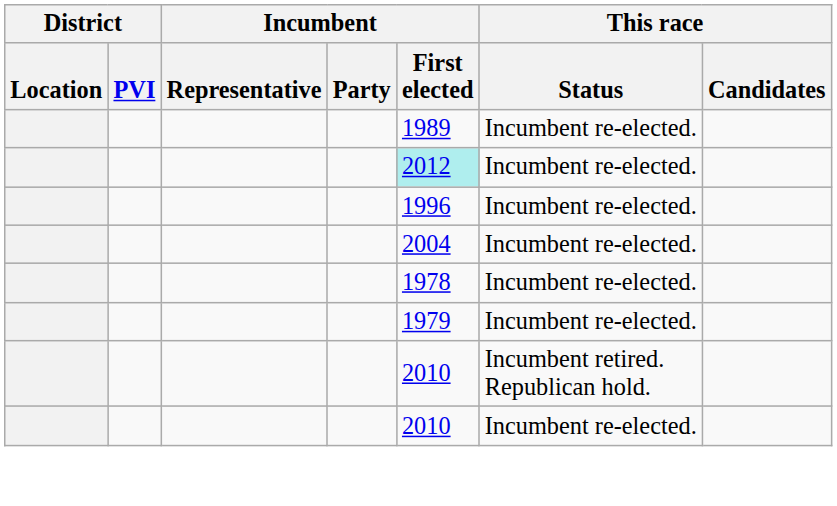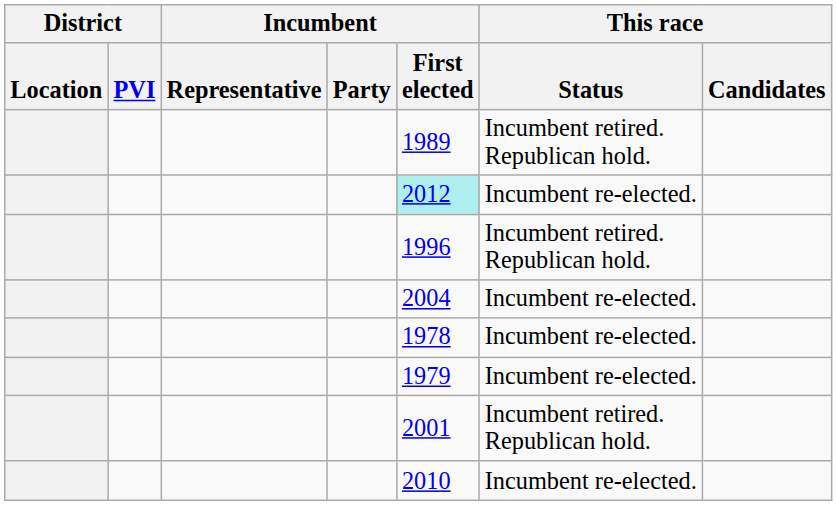 <table class="wikitable sortable">
 <tr valign=bottom>
 <th colspan=2>District</th>
 <th colspan=3>Incumbent</th>
 <th colspan=2>This race</th>
 </tr>
 <tr valign=bottom>
 <th>Location</th>
 <th><a href='#'>PVI</a></th>
 <th>Representative</th>
 <th>Party</th>
 <th>First<br>elected</th>
 <th>Status</th>
 <th>Candidates</th>
 </tr>
 <tr>
 <th></th>
 <td></td>
 <td></td>
 <td></td>
 <td><a href='#'>1989</a></td>
-<td>Incumbent re-elected.</td>
+<td>Incumbent retired.<br>Republican hold.</td>
 <td nowrap></td>
 </tr>
 <tr>
 <th></th>
 <td></td>
 <td></td>
 <td></td>
 <td style="background: paleturquoise;"><a href='#'>2012</a></td>
 <td>Incumbent re-elected.</td>
 <td nowrap></td>
 </tr>
 <tr>
 <th></th>
 <td></td>
 <td></td>
 <td></td>
 <td><a href='#'>1996</a></td>
-<td>Incumbent re-elected.</td>
+<td>Incumbent retired.<br>Republican hold.</td>
 <td nowrap></td>
 </tr>
 <tr>
 <th></th>
 <td></td>
 <td></td>
 <td></td>
 <td><a href='#'>2004</a></td>
 <td>Incumbent re-elected.</td>
 <td nowrap></td>
 </tr>
 <tr>
 <th></th>
 <td></td>
 <td></td>
 <td></td>
 <td><a href='#'>1978</a></td>
 <td>Incumbent re-elected.</td>
 <td nowrap></td>
 </tr>
 <tr>
 <th></th>
 <td></td>
 <td></td>
 <td></td>
 <td><a href='#'>1979 </a></td>
 <td>Incumbent re-elected.</td>
 <td nowrap></td>
 </tr>
 <tr>
 <th></th>
 <td></td>
 <td></td>
 <td></td>
-<td><a href='#'>2010</a></td>
+<td><a href='#'>2001</a></td>
 <td>Incumbent retired.<br>Republican hold.</td>
 <td nowrap></td>
 </tr>
 <tr>
 <th></th>
 <td></td>
 <td></td>
 <td></td>
 <td><a href='#'>2010</a></td>
 <td>Incumbent re-elected.</td>
 <td nowrap></td>
 </tr>
 </table>
